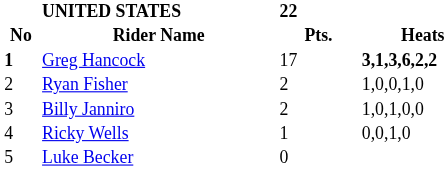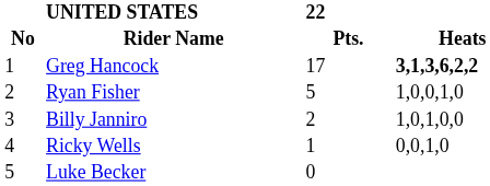 <table class="toccolours">
 <tr>
 <td></td>
 <td><strong>UNITED STATES</strong></td>
 <td><strong>22</strong></td>
 </tr>
 <tr style="background-color:">
 <th width=30px>No</th>
 <th width=210px>Rider Name</th>
 <th width=70px>Pts.</th>
 <th width=110px>Heats</th>
 </tr>
 <tr style="background-color:">
-<td><strong>1</strong></td>
+<td>1</td>
 <td><a href='#'>Greg Hancock</a></td>
 <td>17</td>
 <td><strong>3,1,3,6,2,2</strong></td>
 </tr>
 <tr style="background-color:">
 <td>2</td>
 <td><a href='#'>Ryan Fisher</a></td>
-<td>2</td>
+<td>5</td>
 <td>1,0,0,1,0</td>
 </tr>
 <tr style="background-color:">
 <td>3</td>
 <td><a href='#'>Billy Janniro</a></td>
 <td>2</td>
 <td>1,0,1,0,0</td>
 </tr>
 <tr style="background-color:">
 <td>4</td>
 <td><a href='#'>Ricky Wells</a></td>
 <td>1</td>
 <td>0,0,1,0</td>
 </tr>
 <tr style="background-color:">
 <td>5</td>
 <td><a href='#'>Luke Becker</a></td>
 <td>0</td>
 <td></td>
 </tr>
 </table>
